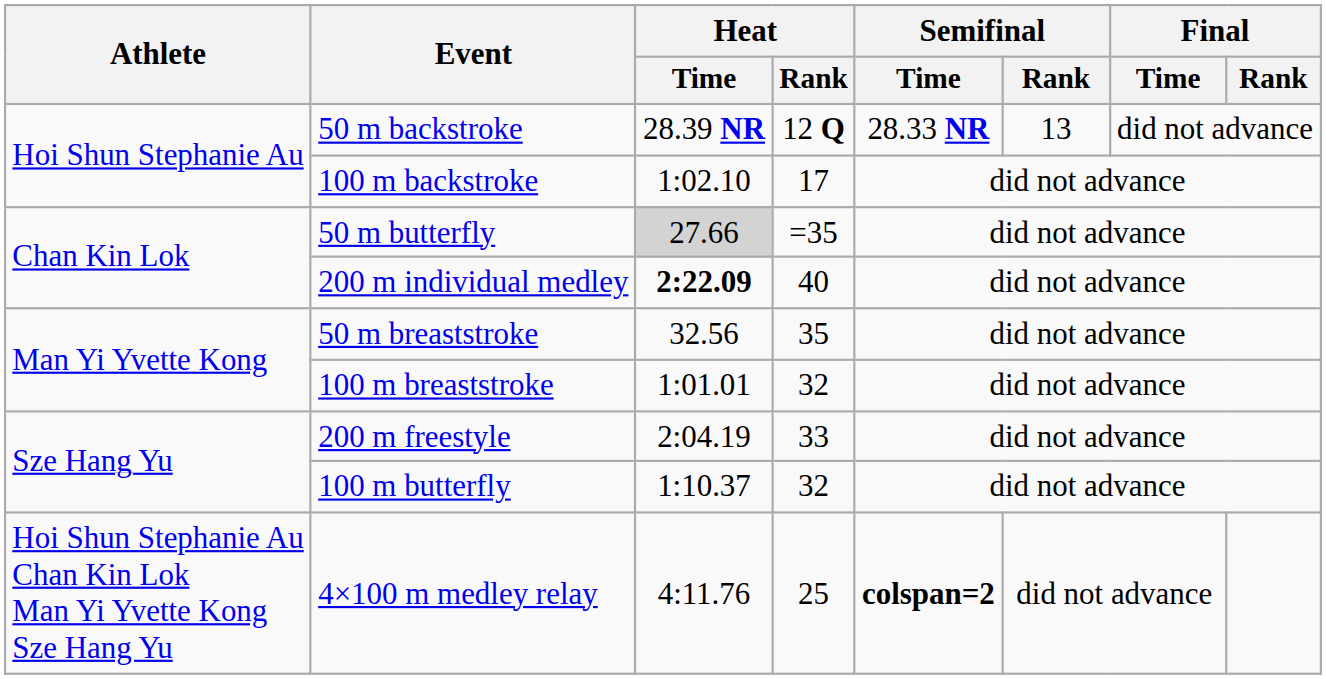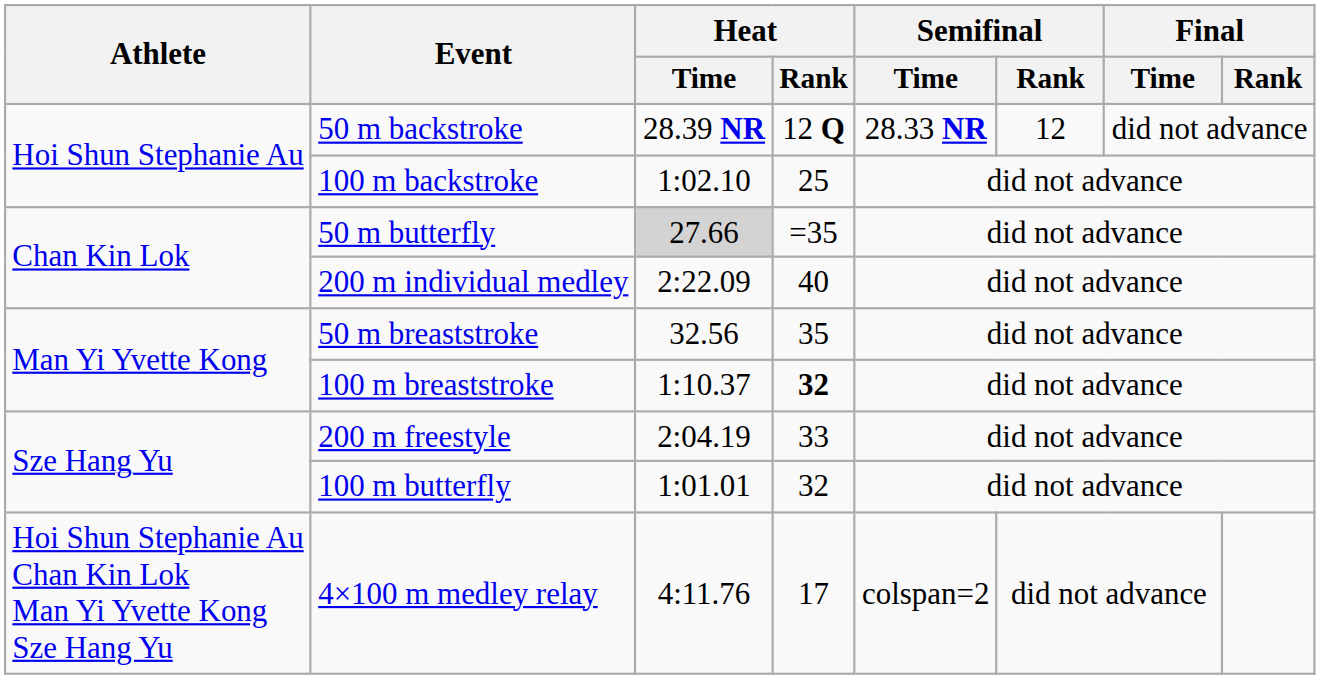 <table class=wikitable style="font-size:90%">
 <tr>
 <th rowspan="2">Athlete</th>
 <th rowspan="2">Event</th>
 <th colspan="2">Heat</th>
 <th colspan="2">Semifinal</th>
 <th colspan="2">Final</th>
 </tr>
 <tr style="font-size:95%">
 <th>Time</th>
 <th>Rank</th>
 <th>Time</th>
 <th>Rank</th>
 <th>Time</th>
 <th>Rank</th>
 </tr>
 <tr align=center>
 <td align=left rowspan=2><a href='#'>Hoi Shun Stephanie Au</a></td>
 <td align=left><a href='#'>50 m backstroke</a></td>
 <td>28.39 <strong><a href='#'>NR</a></strong></td>
 <td>12 <strong>Q</strong></td>
 <td>28.33 <strong><a href='#'>NR</a></strong></td>
-<td>13</td>
+<td>12</td>
 <td colspan=2>did not advance</td>
 </tr>
 <tr align=center>
 <td align=left><a href='#'>100 m backstroke</a></td>
 <td>1:02.10</td>
-<td>17</td>
+<td>25</td>
 <td colspan=4>did not advance</td>
 </tr>
 <tr align=center>
 <td align=left rowspan=2><a href='#'>Chan Kin Lok</a></td>
 <td align=left><a href='#'>50 m butterfly</a></td>
 <td style="background: lightgrey;">27.66</td>
 <td>=35</td>
 <td colspan=4>did not advance</td>
 </tr>
 <tr align=center>
 <td align=left><a href='#'>200 m individual medley</a></td>
-<td><strong>2:22.09</strong></td>
+<td>2:22.09</td>
 <td>40</td>
 <td colspan=4>did not advance</td>
 </tr>
 <tr align=center>
 <td align=left rowspan=2><a href='#'>Man Yi Yvette Kong</a></td>
 <td align=left><a href='#'>50 m breaststroke</a></td>
 <td>32.56</td>
 <td>35</td>
 <td colspan=4>did not advance</td>
 </tr>
 <tr align=center>
 <td align=left><a href='#'>100 m breaststroke</a></td>
-<td>1:01.01</td>
-<td>32</td>
+<td>1:10.37</td>
+<td><strong>32</strong></td>
 <td colspan=4>did not advance</td>
 </tr>
 <tr align=center>
 <td align=left rowspan=2><a href='#'>Sze Hang Yu</a></td>
 <td align=left><a href='#'>200 m freestyle</a></td>
 <td>2:04.19</td>
 <td>33</td>
 <td colspan=4>did not advance</td>
 </tr>
 <tr align=center>
 <td align=left><a href='#'>100 m butterfly</a></td>
-<td>1:10.37</td>
+<td>1:01.01</td>
 <td>32</td>
 <td colspan=4>did not advance</td>
 </tr>
 <tr align=center>
 <td align=left><a href='#'>Hoi Shun Stephanie Au</a><br><a href='#'>Chan Kin Lok</a><br><a href='#'>Man Yi Yvette Kong</a><br><a href='#'>Sze Hang Yu</a></td>
 <td align=left><a href='#'>4×100 m medley relay</a></td>
 <td>4:11.76</td>
-<td>25</td>
-<td><strong>colspan=2 </strong></td>
+<td>17</td>
+<td>colspan=2 </td>
 <td colspan=2>did not advance</td>
 </tr>
 </table>
